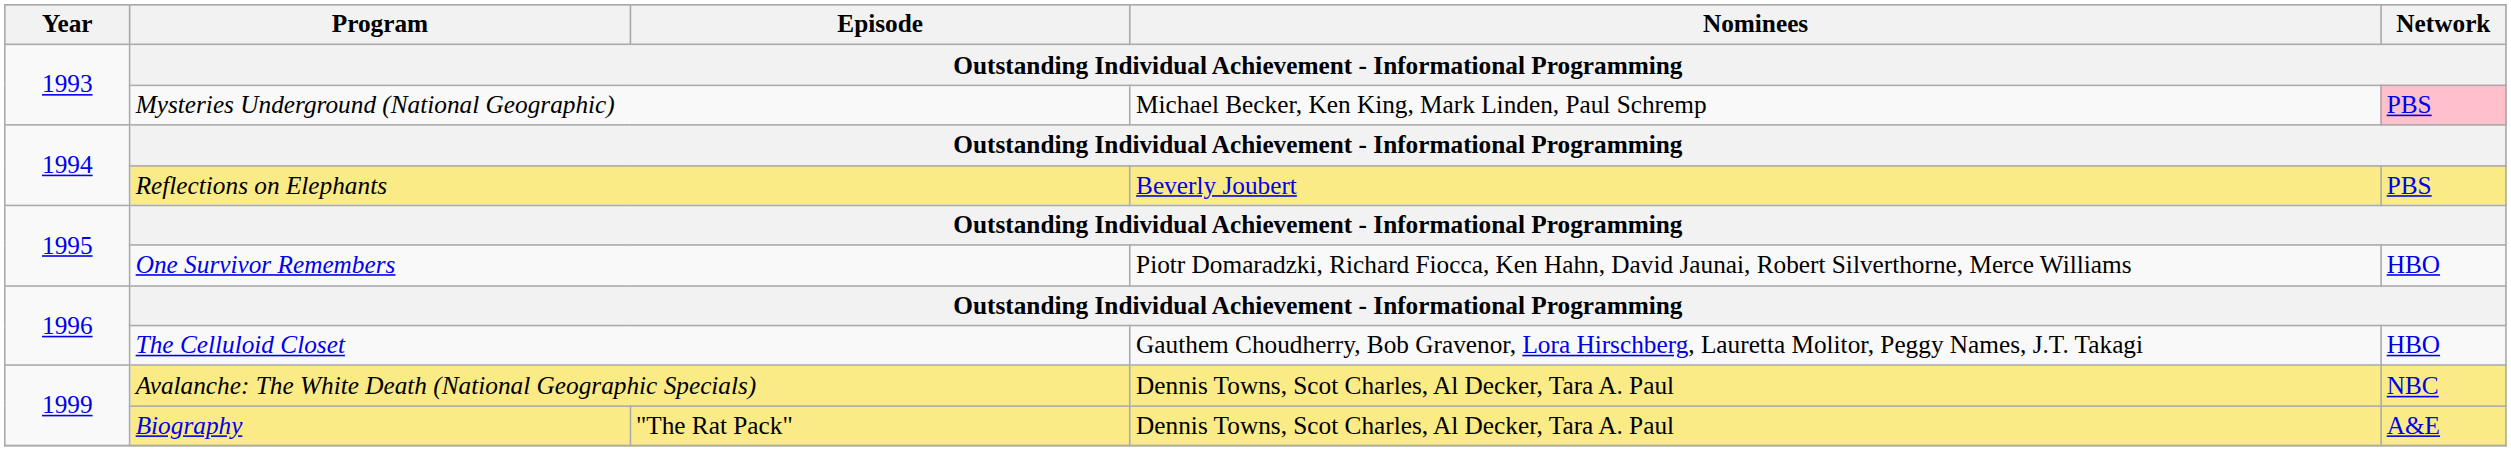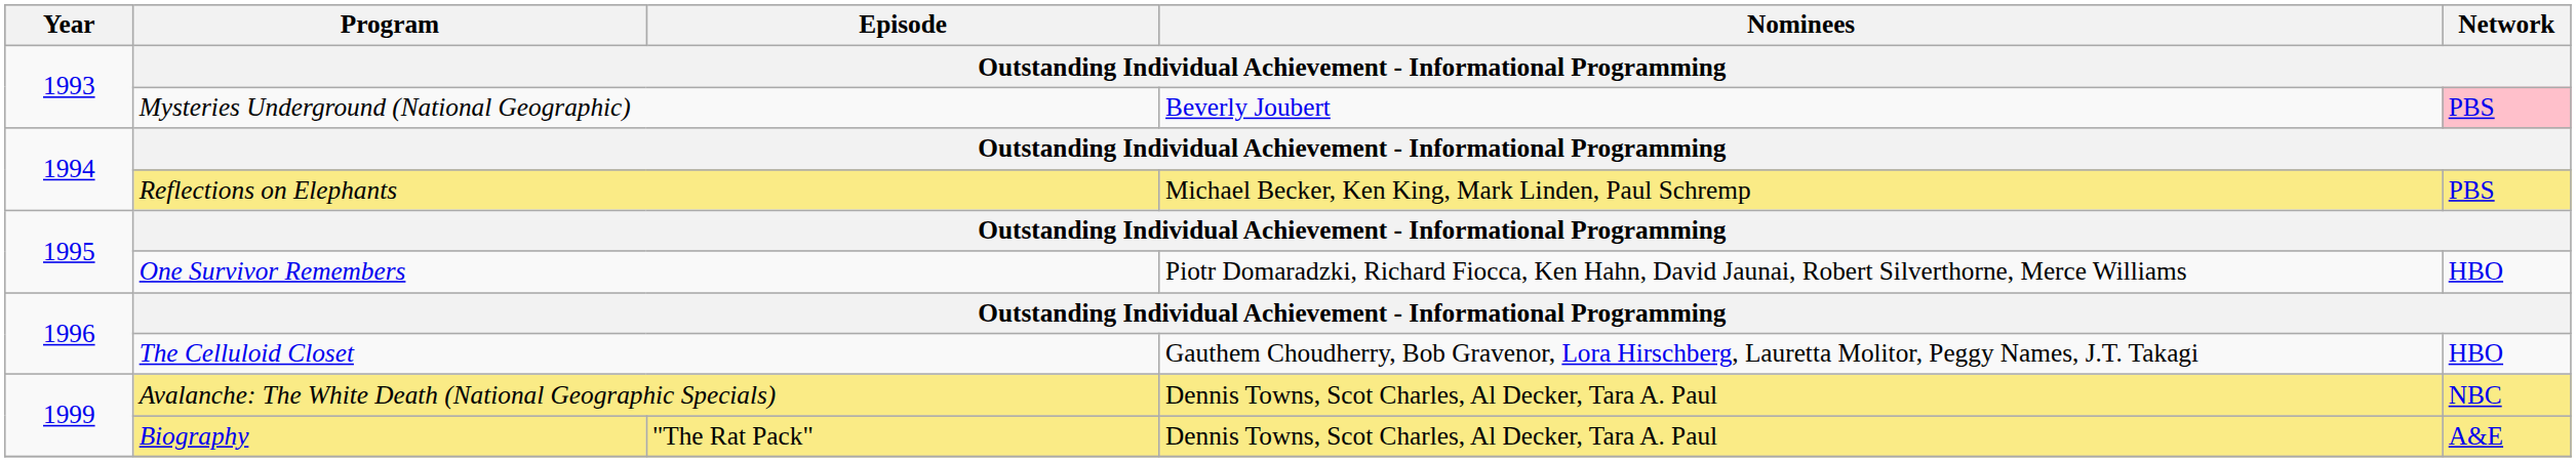 <table class="wikitable" style="width:100%">
 <tr style="background:#bebebe;">
 <th width="5%">Year</th>
 <th width="20%">Program</th>
 <th width="20%">Episode</th>
 <th width="50%">Nominees</th>
 <th width="5%">Network</th>
 </tr>
 <tr>
 <td rowspan=2 style="text-align:center"><a href='#'>1993</a></td>
 <th colspan="4">Outstanding Individual Achievement - Informational Programming</th>
 </tr>
 <tr>
 <td colspan=2><em>Mysteries Underground (National Geographic)</em></td>
-<td>Michael Becker, Ken King, Mark Linden, Paul Schremp</td>
+<td><a href='#'>Beverly Joubert</a></td>
 <td style="background: pink;"><a href='#'>PBS</a></td>
 </tr>
 <tr>
 <td rowspan=2 style="text-align:center"><a href='#'>1994</a></td>
 <th colspan="4">Outstanding Individual Achievement - Informational Programming</th>
 </tr>
 <tr style="background:#FAEB86;">
 <td colspan=2><em>Reflections on Elephants</em></td>
-<td><a href='#'>Beverly Joubert</a></td>
+<td>Michael Becker, Ken King, Mark Linden, Paul Schremp</td>
 <td><a href='#'>PBS</a></td>
 </tr>
 <tr>
 <td rowspan=2 style="text-align:center"><a href='#'>1995</a></td>
 <th colspan="4">Outstanding Individual Achievement - Informational Programming</th>
 </tr>
 <tr>
 <td colspan=2><em><a href='#'>One Survivor Remembers</a></em></td>
 <td>Piotr Domaradzki, Richard Fiocca, Ken Hahn, David Jaunai, Robert Silverthorne, Merce Williams</td>
 <td><a href='#'>HBO</a></td>
 </tr>
 <tr>
 <td rowspan=2 style="text-align:center"><a href='#'>1996</a></td>
 <th colspan="4">Outstanding Individual Achievement - Informational Programming</th>
 </tr>
 <tr>
 <td colspan=2><em><a href='#'>The Celluloid Closet</a></em></td>
 <td>Gauthem Choudherry, Bob Gravenor, <a href='#'>Lora Hirschberg</a>, Lauretta Molitor, Peggy Names, J.T. Takagi</td>
 <td><a href='#'>HBO</a></td>
 </tr>
 <tr>
 <td rowspan=2 style="text-align:center;"><a href='#'>1999</a><br></td>
 <td style="background:#FAEB86;" colspan=2><em>Avalanche: The White Death (National Geographic Specials)</em></td>
 <td style="background:#FAEB86;">Dennis Towns, Scot Charles, Al Decker, Tara A. Paul</td>
 <td style="background:#FAEB86;"><a href='#'>NBC</a></td>
 </tr>
 <tr>
 <td style="background:#FAEB86;"><em><a href='#'>Biography</a></em></td>
 <td style="background:#FAEB86;">"The Rat Pack"</td>
 <td style="background:#FAEB86;">Dennis Towns, Scot Charles, Al Decker, Tara A. Paul</td>
 <td style="background:#FAEB86;"><a href='#'>A&E</a></td>
 </tr>
 <tr>
 </tr>
 </table>
